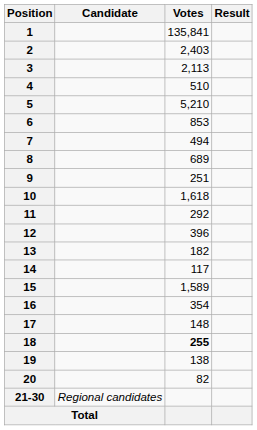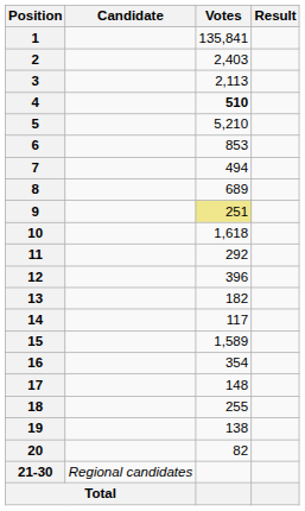 <table class="wikitable sortable">
 <tr>
 <th scope="col">Position</th>
 <th scope="col">Candidate</th>
 <th scope="col">Votes</th>
 <th scope="col">Result</th>
 </tr>
 <tr>
 <th scope="row">1</th>
 <td></td>
 <td style="text-align:right">135,841</td>
 <td></td>
 </tr>
 <tr>
 <th scope="row">2</th>
 <td></td>
 <td style="text-align:right">2,403</td>
 <td></td>
 </tr>
 <tr>
 <th scope="row">3</th>
 <td></td>
 <td style="text-align:right">2,113</td>
 <td></td>
 </tr>
 <tr>
 <th scope="row">4</th>
 <td></td>
-<td style="text-align:right">510</td>
+<td style="text-align:right"><strong>510</strong></td>
 <td></td>
 </tr>
 <tr>
 <th scope="row">5</th>
 <td></td>
 <td style="text-align:right">5,210</td>
 <td></td>
 </tr>
 <tr>
 <th scope="row">6</th>
 <td></td>
 <td style="text-align:right">853</td>
 <td></td>
 </tr>
 <tr>
 <th scope="row">7</th>
 <td></td>
 <td style="text-align:right">494</td>
 <td></td>
 </tr>
 <tr>
 <th scope="row">8</th>
 <td></td>
 <td style="text-align:right">689</td>
 <td></td>
 </tr>
 <tr>
 <th scope="row">9</th>
 <td></td>
-<td style="text-align:right">251</td>
+<td style="background: khaki; text-align:right">251</td>
 <td></td>
 </tr>
 <tr>
 <th scope="row">10</th>
 <td></td>
 <td style="text-align:right">1,618</td>
 <td></td>
 </tr>
 <tr>
 <th scope="row">11</th>
 <td></td>
 <td style="text-align:right">292</td>
 <td></td>
 </tr>
 <tr>
 <th scope="row">12</th>
 <td></td>
 <td style="text-align:right">396</td>
 <td></td>
 </tr>
 <tr>
 <th scope="row">13</th>
 <td></td>
 <td style="text-align:right">182</td>
 <td></td>
 </tr>
 <tr>
 <th scope="row">14</th>
 <td></td>
 <td style="text-align:right">117</td>
 <td></td>
 </tr>
 <tr>
 <th scope="row">15</th>
 <td></td>
 <td style="text-align:right">1,589</td>
 <td></td>
 </tr>
 <tr>
 <th scope="row">16</th>
 <td></td>
 <td style="text-align:right">354</td>
 <td></td>
 </tr>
 <tr>
 <th scope="row">17</th>
 <td></td>
 <td style="text-align:right">148</td>
 <td></td>
 </tr>
 <tr>
 <th scope="row">18</th>
 <td></td>
-<td style="text-align:right"><strong>255</strong></td>
+<td style="text-align:right">255</td>
 <td></td>
 </tr>
 <tr>
 <th scope="row">19</th>
 <td></td>
 <td style="text-align:right">138</td>
 <td></td>
 </tr>
 <tr>
 <th scope="row">20</th>
 <td></td>
 <td style="text-align:right">82</td>
 <td></td>
 </tr>
 <tr>
 <th scope="row">21-30</th>
 <td><em>Regional candidates</em></td>
 <td style="text-align:right"></td>
 <td></td>
 </tr>
 <tr class="sortbottom">
 <th scope="row" colspan="2">Total</th>
 <th style="text-align:right"></th>
 <th></th>
 </tr>
 </table>
